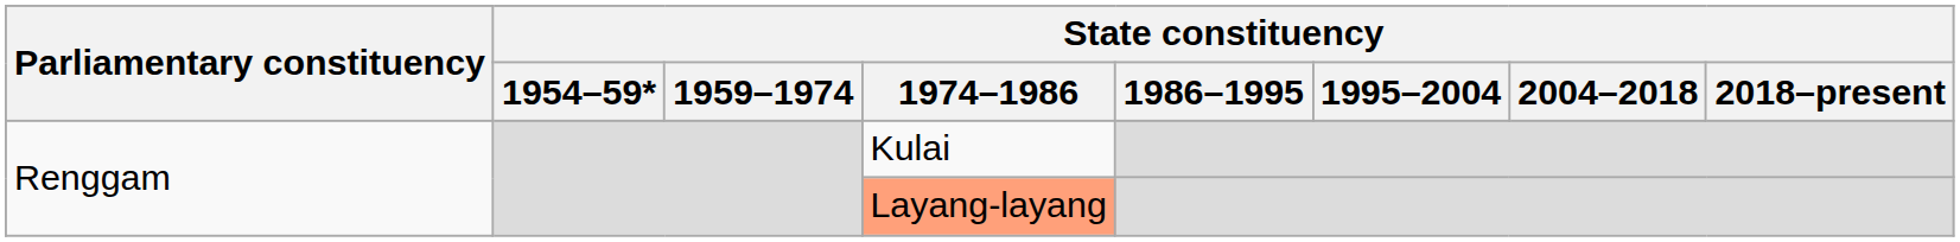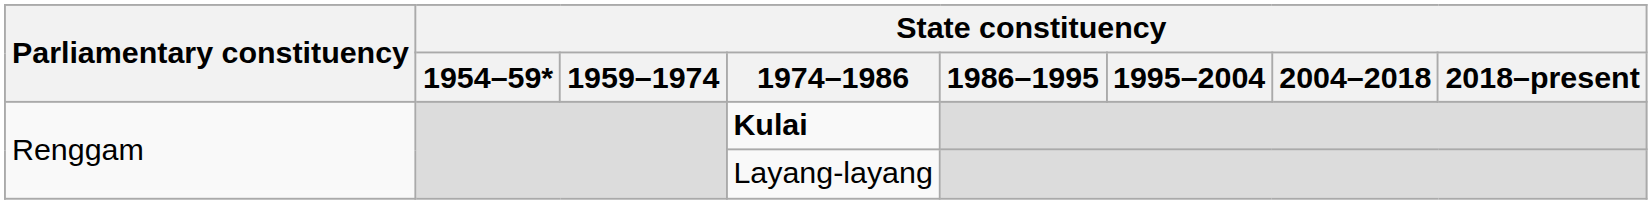 <table class="wikitable">
 <tr>
 <th rowspan="2">Parliamentary constituency</th>
 <th colspan="7">State constituency</th>
 </tr>
 <tr>
 <th>1954–59*</th>
 <th>1959–1974</th>
 <th>1974–1986</th>
 <th>1986–1995</th>
 <th>1995–2004</th>
 <th>2004–2018</th>
 <th>2018–present</th>
 </tr>
 <tr>
 <td rowspan="2">Renggam</td>
 <td colspan="2" rowspan="2" bgcolor="dcdcdc"></td>
-<td>Kulai</td>
+<td><strong>Kulai</strong></td>
 <td colspan="4" bgcolor="dcdcdc"></td>
 </tr>
 <tr>
-<td style="background: lightsalmon;">Layang-layang</td>
+<td>Layang-layang</td>
 <td colspan="4" bgcolor="dcdcdc"></td>
 </tr>
 </table>
